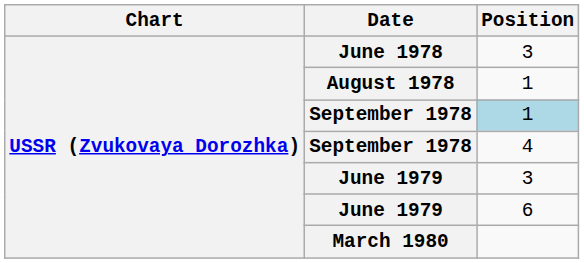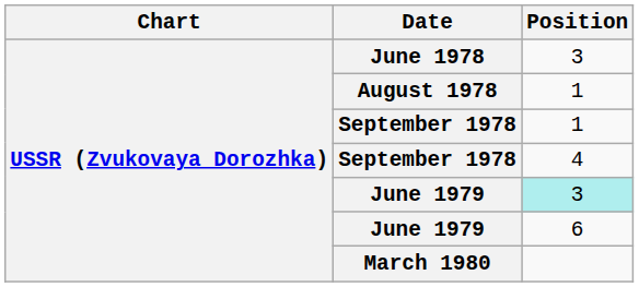 <table class="wikitable plainrowheaders sortable" style="text-align:center;">
 <tr>
 <th scope="col">Chart</th>
 <th scope="col">Date</th>
 <th scope="col">Position</th>
 </tr>
 <tr>
 <th scope="row" rowspan="7"><a href='#'>USSR</a> (<a href='#'>Zvukovaya Dorozhka</a>)</th>
 <th scope="row">June 1978</th>
 <td>3</td>
 </tr>
 <tr>
 <th scope="row">August 1978</th>
 <td>1</td>
 </tr>
 <tr>
 <th scope="row">September 1978</th>
-<td style="background: lightblue;">1</td>
+<td>1</td>
 </tr>
 <tr>
 <th scope="row">September 1978</th>
 <td>4</td>
 </tr>
 <tr>
 <th scope="row">June 1979</th>
-<td>3</td>
+<td style="background: paleturquoise;">3</td>
 </tr>
 <tr>
 <th scope="row">June 1979</th>
 <td>6</td>
 </tr>
 <tr>
 <th scope="row">March 1980</th>
 <td></td>
 </tr>
 </table>
